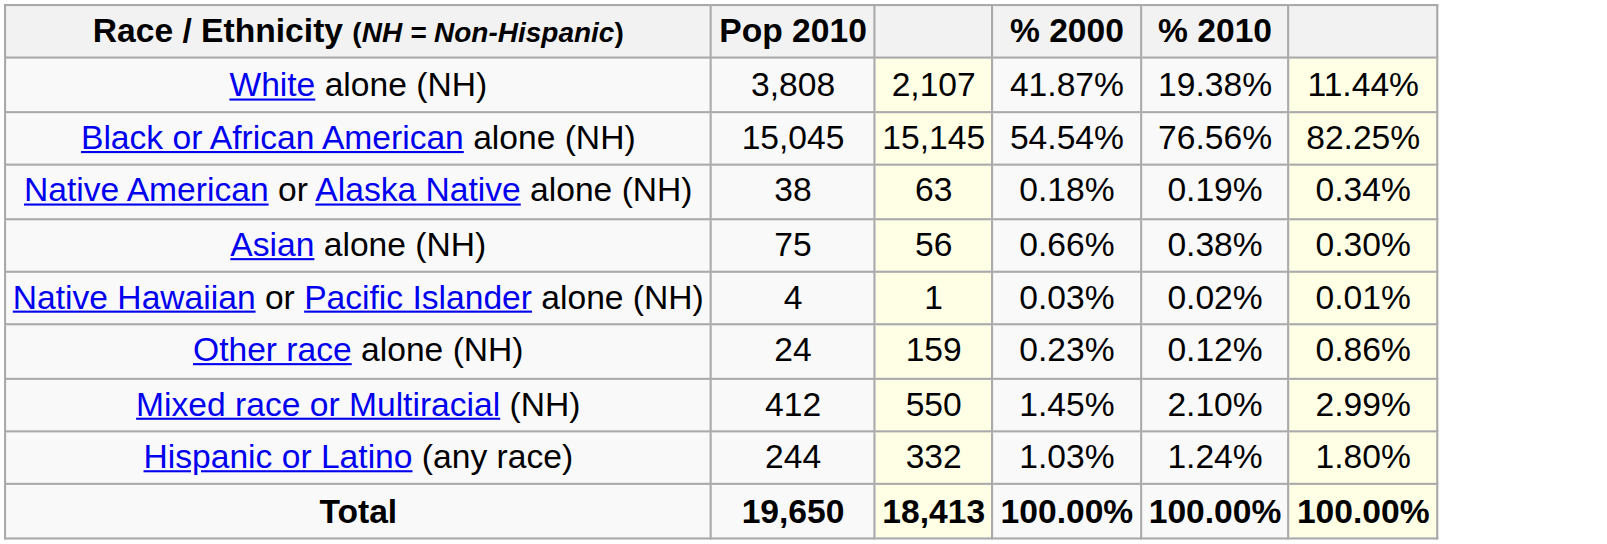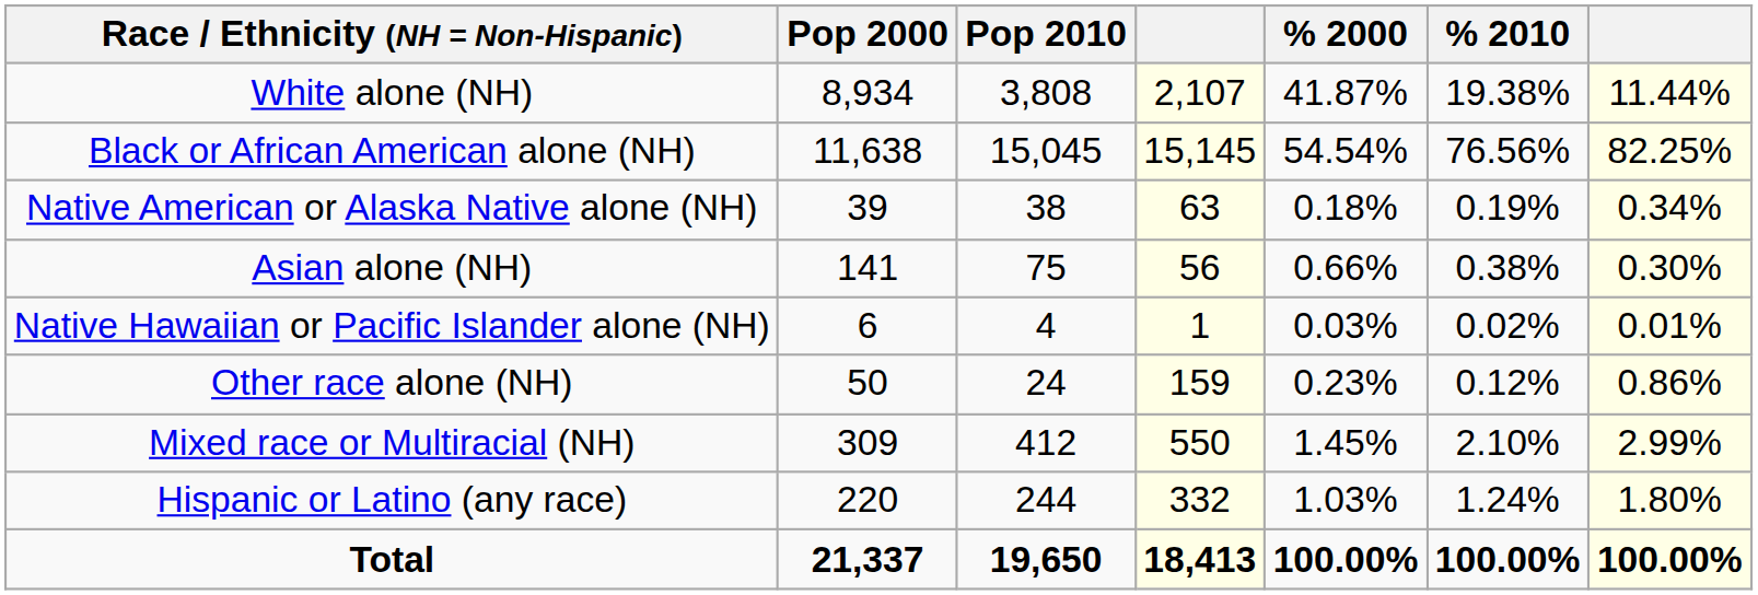 <table class="wikitable" style="text-align:center;">
 <tr>
 <th>Race / Ethnicity <small>(<em>NH = Non-Hispanic</em>)</small></th>
+<th>Pop 2000</th>
 <th>Pop 2010</th>
 <th></th>
 <th>% 2000</th>
 <th>% 2010</th>
 <th></th>
 </tr>
 <tr>
 <td><a href='#'>White</a> alone (NH)</td>
+<td>8,934</td>
 <td>3,808</td>
 <td style='background: #ffffe6;'>2,107</td>
 <td>41.87%</td>
 <td>19.38%</td>
 <td style='background: #ffffe6;'>11.44%</td>
 </tr>
 <tr>
 <td><a href='#'>Black or African American</a> alone (NH)</td>
+<td>11,638</td>
 <td>15,045</td>
 <td style='background: #ffffe6;'>15,145</td>
 <td>54.54%</td>
 <td>76.56%</td>
 <td style='background: #ffffe6;'>82.25%</td>
 </tr>
 <tr>
 <td><a href='#'>Native American</a> or <a href='#'>Alaska Native</a> alone (NH)</td>
+<td>39</td>
 <td>38</td>
 <td style='background: #ffffe6;'>63</td>
 <td>0.18%</td>
 <td>0.19%</td>
 <td style='background: #ffffe6;'>0.34%</td>
 </tr>
 <tr>
 <td><a href='#'>Asian</a> alone (NH)</td>
+<td>141</td>
 <td>75</td>
 <td style='background: #ffffe6;'>56</td>
 <td>0.66%</td>
 <td>0.38%</td>
 <td style='background: #ffffe6;'>0.30%</td>
 </tr>
 <tr>
 <td><a href='#'>Native Hawaiian</a> or <a href='#'>Pacific Islander</a> alone (NH)</td>
+<td>6</td>
 <td>4</td>
 <td style='background: #ffffe6;'>1</td>
 <td>0.03%</td>
 <td>0.02%</td>
 <td style='background: #ffffe6;'>0.01%</td>
 </tr>
 <tr>
 <td><a href='#'>Other race</a> alone (NH)</td>
+<td>50</td>
 <td>24</td>
 <td style='background: #ffffe6;'>159</td>
 <td>0.23%</td>
 <td>0.12%</td>
 <td style='background: #ffffe6;'>0.86%</td>
 </tr>
 <tr>
 <td><a href='#'>Mixed race or Multiracial</a> (NH)</td>
+<td>309</td>
 <td>412</td>
 <td style='background: #ffffe6;'>550</td>
 <td>1.45%</td>
 <td>2.10%</td>
 <td style='background: #ffffe6;'>2.99%</td>
 </tr>
 <tr>
 <td><a href='#'>Hispanic or Latino</a> (any race)</td>
+<td>220</td>
 <td>244</td>
 <td style='background: #ffffe6;'>332</td>
 <td>1.03%</td>
 <td>1.24%</td>
 <td style='background: #ffffe6;'>1.80%</td>
 </tr>
 <tr>
 <td><strong>Total</strong></td>
+<td><strong>21,337</strong></td>
 <td><strong>19,650</strong></td>
 <td style='background: #ffffe6;'><strong>18,413</strong></td>
 <td><strong>100.00%</strong></td>
 <td><strong>100.00%</strong></td>
 <td style='background: #ffffe6;'><strong>100.00%</strong></td>
 </tr>
 </table>
